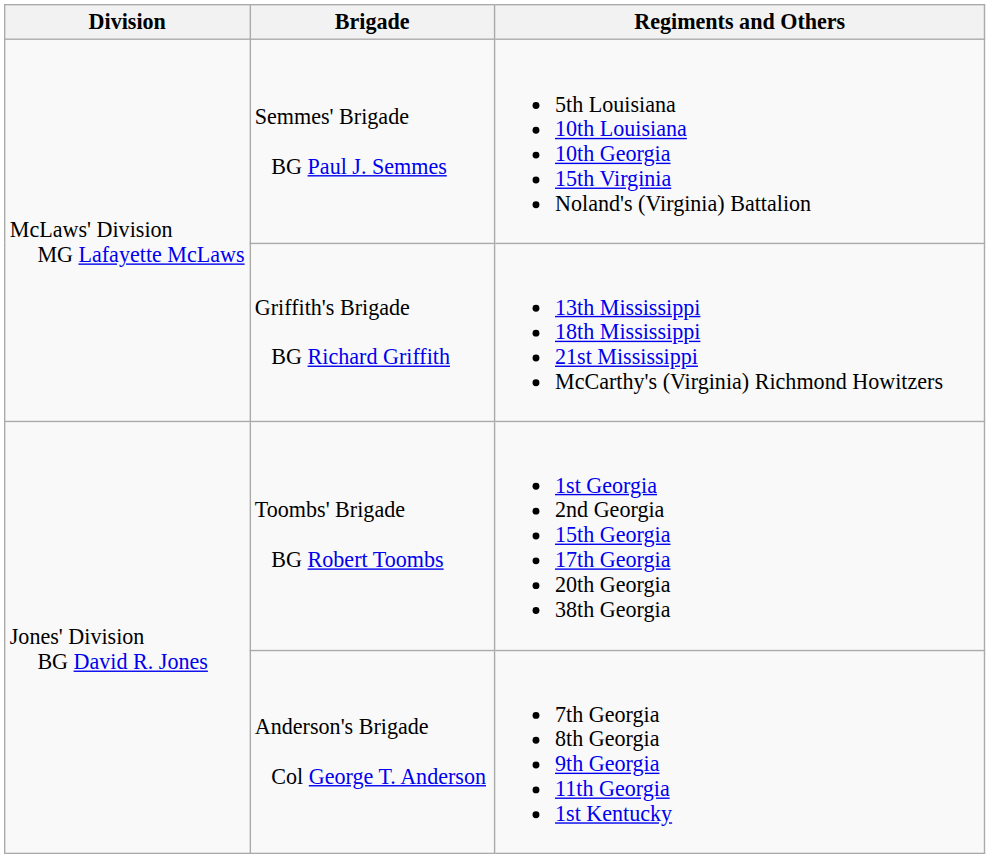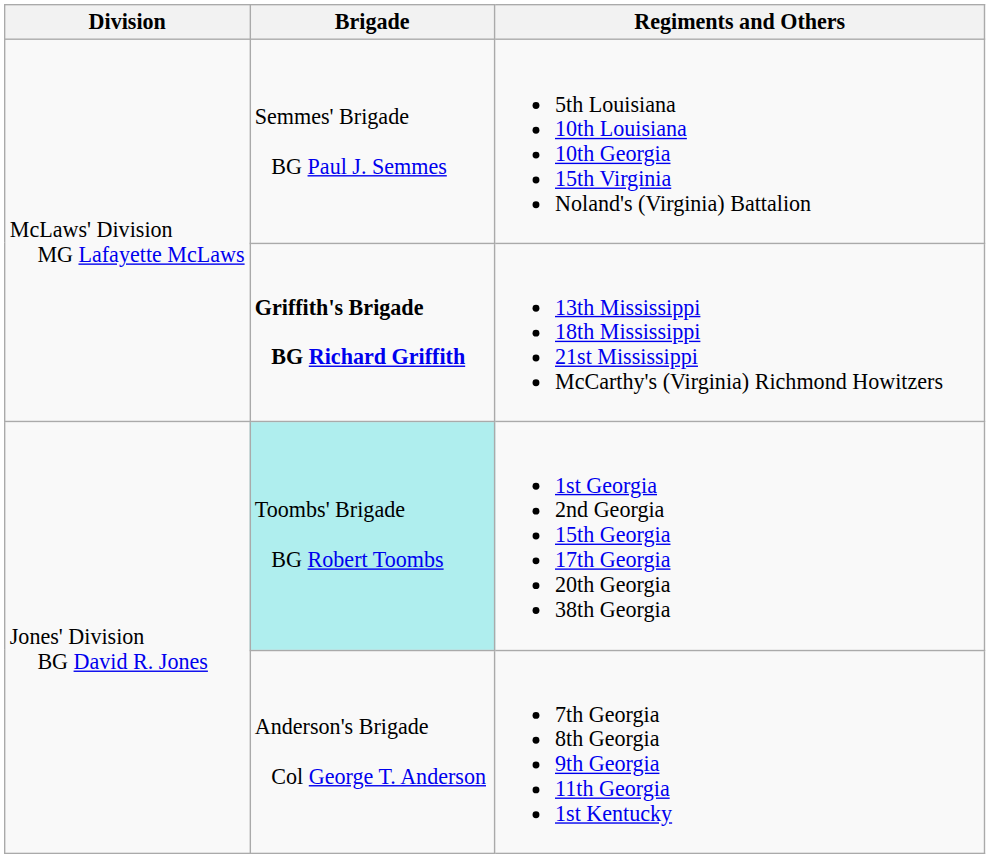 <table class="wikitable">
 <tr>
 <th width=25%>Division</th>
 <th width=25%>Brigade</th>
 <th width=50%>Regiments and Others</th>
 </tr>
 <tr>
 <td rowspan=2><br>McLaws' Division <br>     MG <a href='#'>Lafayette McLaws</a></td>
 <td>Semmes' Brigade<br><br>   BG <a href='#'>Paul J. Semmes</a></td>
 <td><br><ul><li>5th Louisiana</li><li><a href='#'>10th Louisiana</a></li><li><a href='#'>10th Georgia</a></li><li><a href='#'>15th Virginia</a></li><li>Noland's (Virginia) Battalion</li></ul></td>
 </tr>
 <tr>
-<td>Griffith's Brigade<br><br>   BG <a href='#'>Richard Griffith</a></td>
+<td><strong>Griffith's Brigade<br><br>   BG <a href='#'>Richard Griffith</a></strong></td>
 <td><br><ul><li><a href='#'>13th Mississippi</a></li><li><a href='#'>18th Mississippi</a></li><li><a href='#'>21st Mississippi</a></li><li>McCarthy's (Virginia) Richmond Howitzers</li></ul></td>
 </tr>
 <tr>
 <td rowspan=2><br>Jones' Division <br>     BG <a href='#'>David R. Jones</a></td>
-<td>Toombs' Brigade<br><br>   BG <a href='#'>Robert Toombs</a></td>
+<td style="background: paleturquoise;">Toombs' Brigade<br><br>   BG <a href='#'>Robert Toombs</a></td>
 <td><br><ul><li><a href='#'>1st Georgia</a></li><li>2nd Georgia</li><li><a href='#'>15th Georgia</a></li><li><a href='#'>17th Georgia</a></li><li>20th Georgia</li><li>38th Georgia</li></ul></td>
 </tr>
 <tr>
 <td>Anderson's Brigade<br><br>   Col <a href='#'>George T. Anderson</a></td>
 <td><br><ul><li>7th Georgia</li><li>8th Georgia</li><li><a href='#'>9th Georgia</a></li><li><a href='#'>11th Georgia</a></li><li><a href='#'>1st Kentucky</a></li></ul></td>
 </tr>
 </table>
